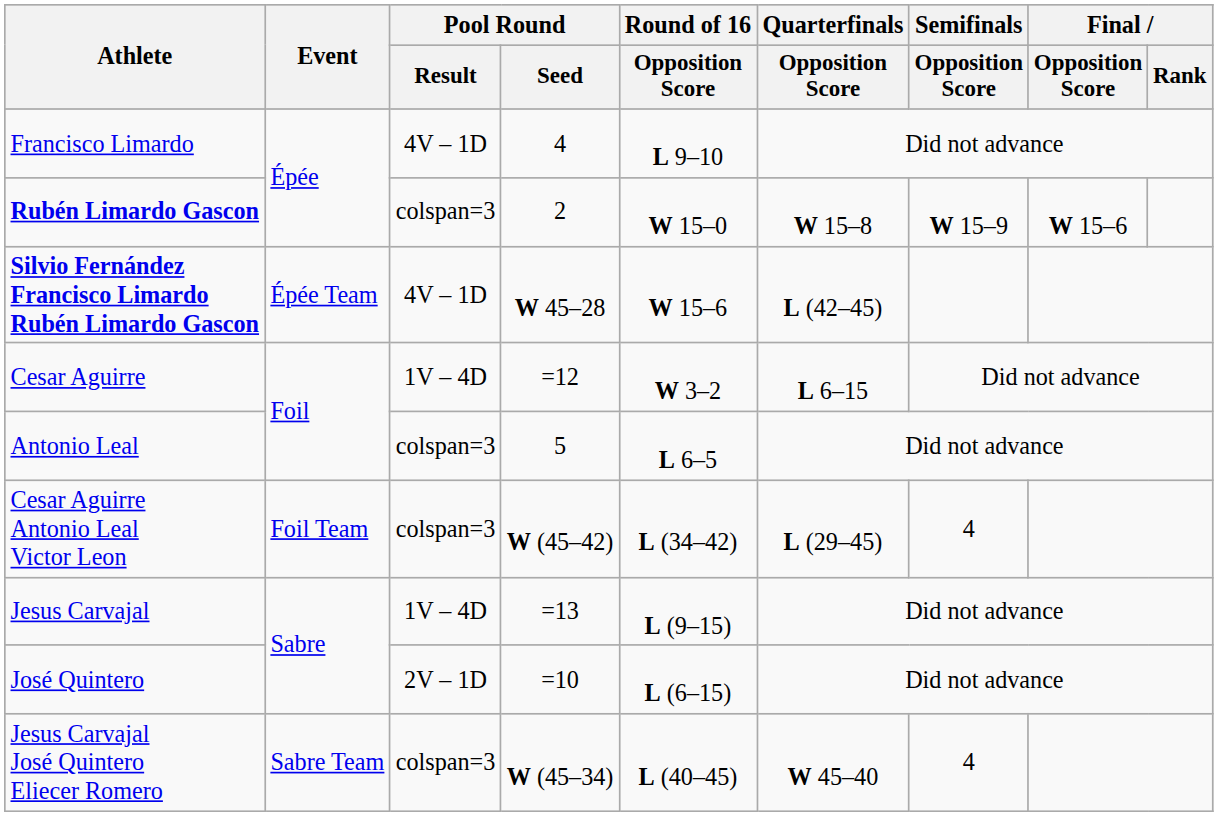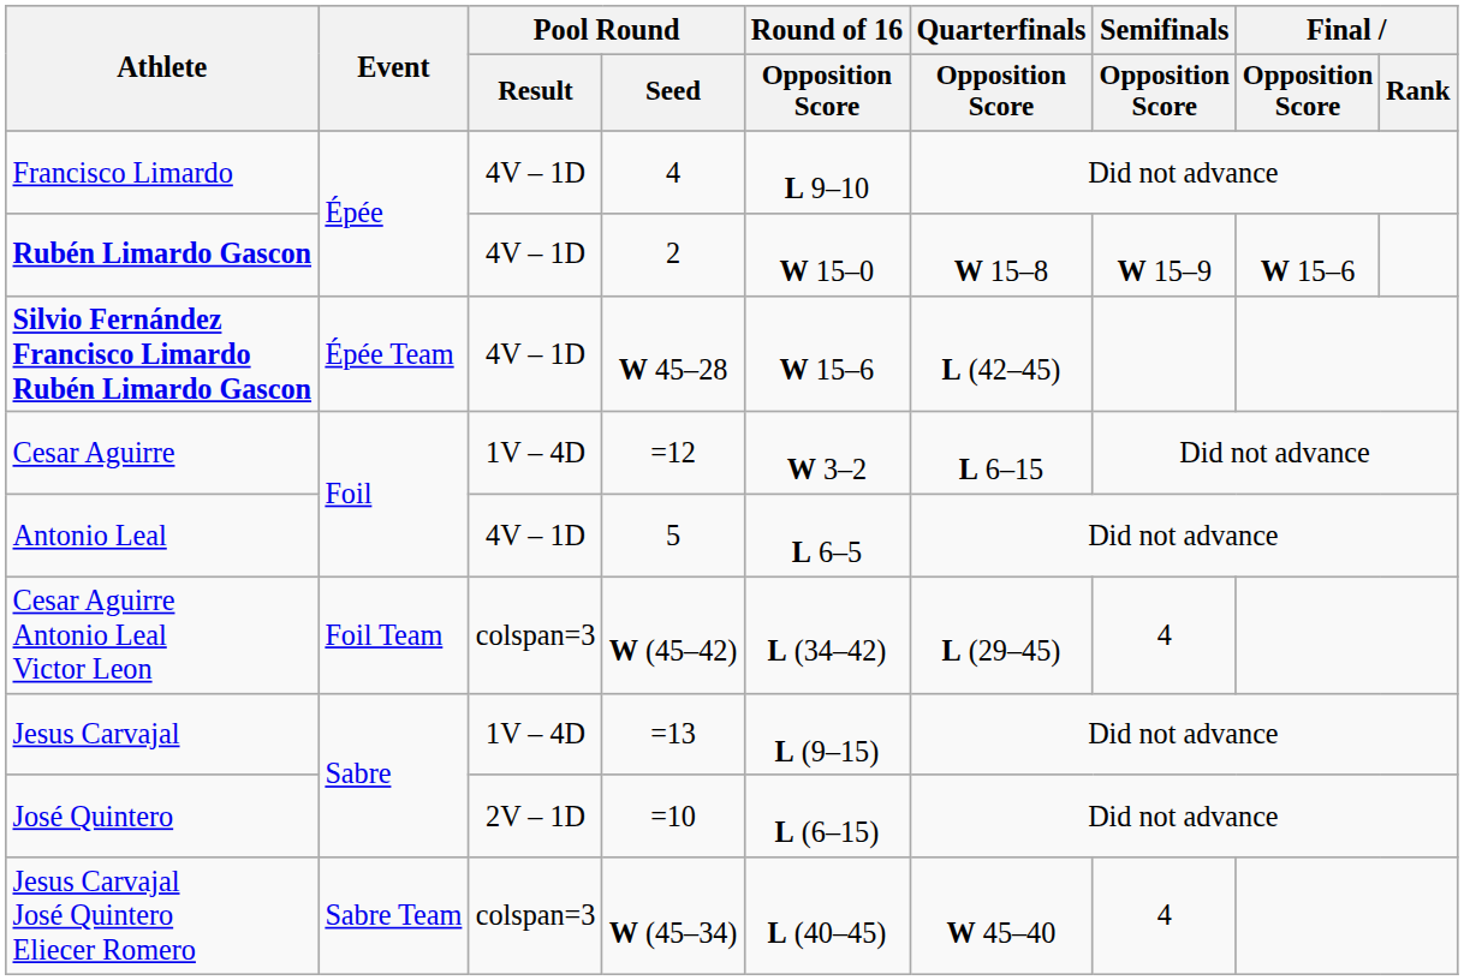 <table class=wikitable style="font-size:90%">
 <tr>
 <th rowspan="2">Athlete</th>
 <th rowspan="2">Event</th>
 <th colspan=2>Pool Round</th>
 <th>Round of 16</th>
 <th>Quarterfinals</th>
 <th>Semifinals</th>
 <th colspan=2>Final / </th>
 </tr>
 <tr style="font-size:95%">
 <th>Result</th>
 <th>Seed</th>
 <th>Opposition<br>Score</th>
 <th>Opposition<br>Score</th>
 <th>Opposition<br>Score</th>
 <th>Opposition<br>Score</th>
 <th>Rank</th>
 </tr>
 <tr align=center>
 <td align=left><a href='#'>Francisco Limardo</a></td>
 <td align=left rowspan=2><a href='#'>Épée</a></td>
 <td>4V – 1D</td>
 <td>4</td>
 <td><br><strong>L</strong> 9–10</td>
 <td colspan=4>Did not advance</td>
 </tr>
 <tr align=center>
 <td align=left><strong><a href='#'>Rubén Limardo Gascon</a></strong></td>
-<td>colspan=3 </td>
+<td>4V – 1D</td>
 <td>2</td>
 <td><br><strong>W</strong> 15–0</td>
 <td><br><strong>W</strong> 15–8</td>
 <td><br><strong>W</strong> 15–9</td>
 <td><br><strong>W</strong> 15–6</td>
 <td></td>
 </tr>
 <tr align=center>
 <td align=left><strong><a href='#'>Silvio Fernández</a></strong><br><strong><a href='#'>Francisco Limardo</a></strong><br><strong><a href='#'>Rubén Limardo Gascon</a></strong></td>
 <td align=left><a href='#'>Épée Team</a></td>
 <td>4V – 1D</td>
 <td><br><strong>W</strong> 45–28</td>
 <td align=center><br><strong>W</strong> 15–6</td>
 <td><br><strong>L</strong> (42–45)</td>
 <td></td>
 </tr>
 <tr align=center>
 <td align=left><a href='#'>Cesar Aguirre</a></td>
 <td align=left rowspan=2><a href='#'>Foil</a></td>
 <td>1V – 4D</td>
 <td>=12</td>
 <td><br><strong>W</strong> 3–2</td>
 <td align=center><br><strong>L</strong> 6–15</td>
 <td colspan=3>Did not advance</td>
 </tr>
 <tr align=center>
 <td align=left><a href='#'>Antonio Leal</a></td>
-<td>colspan=3 </td>
+<td>4V – 1D</td>
 <td>5</td>
 <td align=center><br><strong>L</strong> 6–5</td>
 <td colspan=4>Did not advance</td>
 </tr>
 <tr align=center>
 <td align=left><a href='#'>Cesar Aguirre</a><br><a href='#'>Antonio Leal</a><br><a href='#'>Victor Leon</a></td>
 <td align=left><a href='#'>Foil Team</a></td>
 <td>colspan=3 </td>
 <td><br><strong>W</strong> (45–42)</td>
 <td><br><strong>L</strong> (34–42)</td>
 <td><br><strong>L</strong> (29–45)</td>
 <td>4</td>
 </tr>
 <tr align=center>
 <td align=left><a href='#'>Jesus Carvajal</a></td>
 <td align=left rowspan=2><a href='#'>Sabre</a></td>
 <td>1V – 4D</td>
 <td>=13</td>
 <td align=center><br><strong>L</strong> (9–15)</td>
 <td colspan=4>Did not advance</td>
 </tr>
 <tr align=center>
 <td align=left><a href='#'>José Quintero</a></td>
 <td>2V – 1D</td>
 <td>=10</td>
 <td align=center><br><strong>L</strong> (6–15)</td>
 <td colspan=4>Did not advance</td>
 </tr>
 <tr align=center>
 <td align=left><a href='#'>Jesus Carvajal</a><br><a href='#'>José Quintero</a><br><a href='#'>Eliecer Romero</a></td>
 <td align=left><a href='#'>Sabre Team</a></td>
 <td>colspan=3 </td>
 <td><br><strong>W</strong> (45–34)</td>
 <td><br><strong>L</strong> (40–45)</td>
 <td><br><strong>W</strong> 45–40</td>
 <td>4</td>
 </tr>
 </table>
